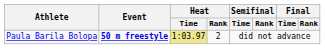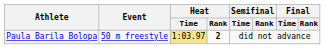 <table class=wikitable style="font-size:90%">
 <tr>
 <th rowspan="2">Athlete</th>
 <th rowspan="2">Event</th>
 <th colspan="2">Heat</th>
 <th colspan="2">Semifinal</th>
 <th colspan="2">Final</th>
 </tr>
 <tr style="font-size:95%">
 <th>Time</th>
 <th>Rank</th>
 <th>Time</th>
 <th>Rank</th>
 <th>Time</th>
 <th>Rank</th>
 </tr>
 <tr align=center>
 <td align=left><a href='#'>Paula Barila Bolopa</a></td>
-<td align=left><strong><a href='#'>50 m freestyle</a></strong></td>
+<td align=left><a href='#'>50 m freestyle</a></td>
 <td style="background: khaki;">1:03.97</td>
-<td>2</td>
+<td><strong>2</strong></td>
 <td colspan=4>did not advance</td>
 </tr>
 </table>
